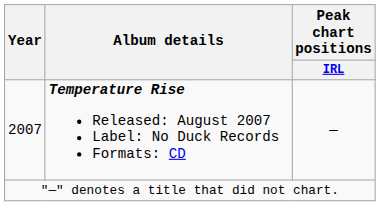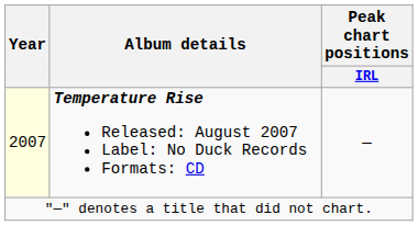 <table class="wikitable" style="text-align:center;">
 <tr>
 <th rowspan="2">Year</th>
 <th style="width:220px;" rowspan="2">Album details</th>
 <th colspan="1">Peak chart positions</th>
 </tr>
 <tr>
 <th style="width:5em;font-size:85%"><a href='#'>IRL</a></th>
 </tr>
 <tr>
-<td rowspan="1">2007</td>
+<td rowspan="1" style="background: lightyellow;">2007</td>
 <td style="text-align:left;"><strong><em>Temperature Rise</em></strong><br><ul><li>Released: August 2007</li><li>Label: No Duck Records</li><li>Formats: <a href='#'>CD</a></li></ul></td>
 <td>—</td>
 </tr>
 <tr>
 <td colspan="7" style="font-size:90%">"—" denotes a title that did not chart.</td>
 </tr>
 </table>
